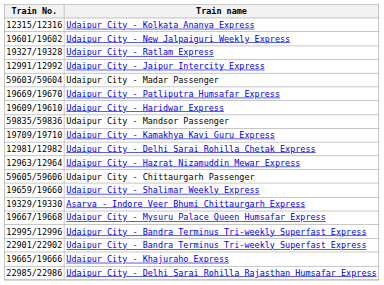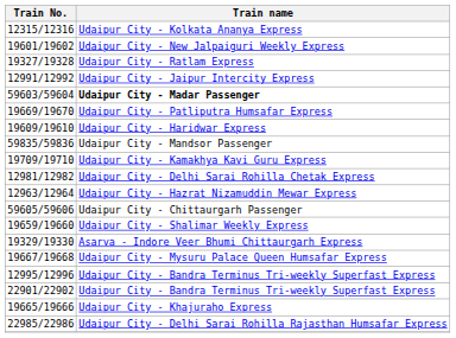 <table class="wikitable sortable plainrowheaders" style="background:#fff;">
 <tr>
 <th scope="col">Train No.</th>
 <th scope="col">Train name</th>
 </tr>
 <tr>
 <td>12315/12316</td>
 <td><a href='#'>Udaipur City - Kolkata Ananya Express</a></td>
 </tr>
 <tr>
 <td>19601/19602</td>
 <td><a href='#'>Udaipur City - New Jalpaiguri Weekly Express</a></td>
 </tr>
 <tr>
 <td>19327/19328</td>
 <td><a href='#'>Udaipur City - Ratlam Express</a></td>
 </tr>
 <tr>
 <td>12991/12992</td>
 <td><a href='#'>Udaipur City - Jaipur Intercity Express</a></td>
 </tr>
 <tr>
 <td>59603/59604</td>
-<td>Udaipur City - Madar Passenger</td>
+<td><strong>Udaipur City - Madar Passenger</strong></td>
 </tr>
 <tr>
 <td>19669/19670</td>
 <td><a href='#'>Udaipur City - Patliputra Humsafar Express</a></td>
 </tr>
 <tr>
 <td>19609/19610</td>
 <td><a href='#'>Udaipur City - Haridwar Express</a></td>
 </tr>
 <tr>
 <td>59835/59836</td>
 <td>Udaipur City - Mandsor Passenger</td>
 </tr>
 <tr>
 <td>19709/19710</td>
 <td><a href='#'>Udaipur City - Kamakhya Kavi Guru Express</a></td>
 </tr>
 <tr>
 <td>12981/12982</td>
 <td><a href='#'>Udaipur City - Delhi Sarai Rohilla Chetak Express</a></td>
 </tr>
 <tr>
 <td>12963/12964</td>
 <td><a href='#'>Udaipur City - Hazrat Nizamuddin Mewar Express</a></td>
 </tr>
 <tr>
 <td>59605/59606</td>
 <td>Udaipur City - Chittaurgarh Passenger</td>
 </tr>
 <tr>
 <td>19659/19660</td>
 <td><a href='#'>Udaipur City - Shalimar Weekly Express</a></td>
 </tr>
 <tr>
 <td>19329/19330</td>
 <td><a href='#'>Asarva - Indore Veer Bhumi Chittaurgarh Express</a></td>
 </tr>
 <tr>
 <td>19667/19668</td>
 <td><a href='#'>Udaipur City - Mysuru Palace Queen Humsafar Express</a></td>
 </tr>
 <tr>
 <td>12995/12996</td>
 <td><a href='#'>Udaipur City - Bandra Terminus Tri-weekly Superfast Express</a></td>
 </tr>
 <tr>
 <td>22901/22902</td>
 <td><a href='#'>Udaipur City - Bandra Terminus Tri-weekly Superfast Express</a></td>
 </tr>
 <tr>
 <td>19665/19666</td>
 <td><a href='#'>Udaipur City - Khajuraho Express</a></td>
 </tr>
 <tr>
 <td>22985/22986</td>
 <td><a href='#'>Udaipur City - Delhi Sarai Rohilla Rajasthan Humsafar Express</a></td>
 </tr>
 <tr>
 </tr>
 </table>
